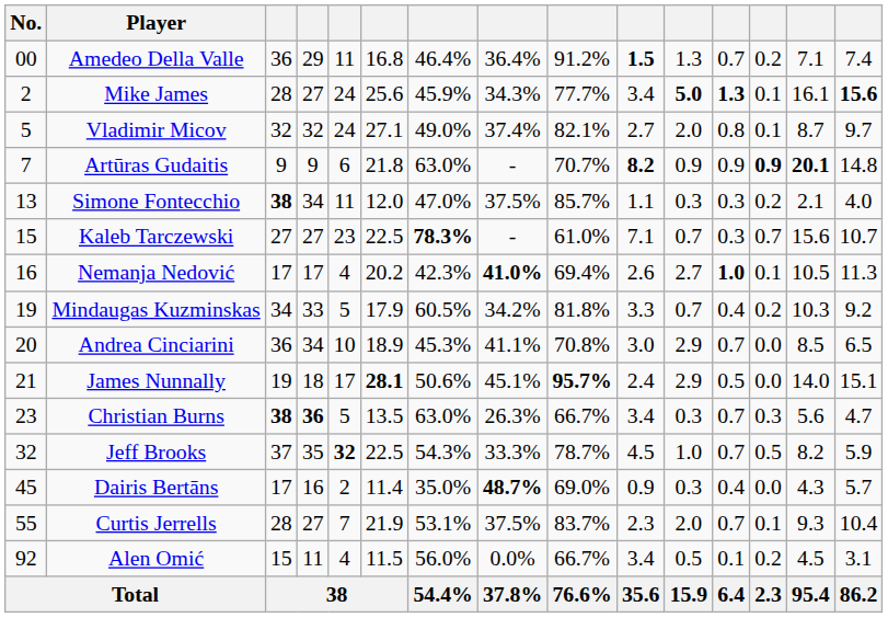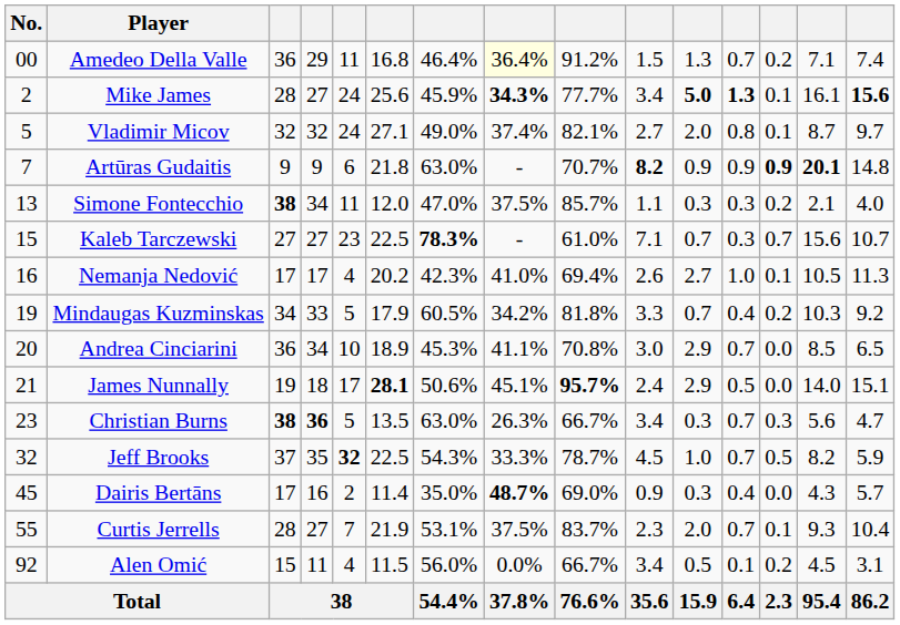 <table class="wikitable sortable" style="text-align:center; font-size:95%">
 <tr>
 <th>No.</th>
 <th>Player</th>
 <th></th>
 <th></th>
 <th></th>
 <th></th>
 <th></th>
 <th></th>
 <th></th>
 <th></th>
 <th></th>
 <th></th>
 <th></th>
 <th></th>
 <th></th>
 </tr>
 <tr>
 <td>00</td>
 <td><a href='#'>Amedeo Della Valle</a></td>
 <td>36</td>
 <td>29</td>
 <td>11</td>
 <td>16.8</td>
 <td>46.4%</td>
-<td>36.4%</td>
+<td style="background: lightyellow;">36.4%</td>
 <td>91.2%</td>
-<td><strong>1.5</strong></td>
+<td>1.5</td>
 <td>1.3</td>
 <td>0.7</td>
 <td>0.2</td>
 <td>7.1</td>
 <td>7.4</td>
 </tr>
 <tr>
 <td>2</td>
 <td><a href='#'>Mike James</a></td>
 <td>28</td>
 <td>27</td>
 <td>24</td>
 <td>25.6</td>
 <td>45.9%</td>
-<td>34.3%</td>
+<td><strong>34.3%</strong></td>
 <td>77.7%</td>
 <td>3.4</td>
 <td><strong>5.0</strong></td>
 <td><strong>1.3</strong></td>
 <td>0.1</td>
 <td>16.1</td>
 <td><strong>15.6</strong></td>
 </tr>
 <tr>
 <td>5</td>
 <td><a href='#'>Vladimir Micov</a></td>
 <td>32</td>
 <td>32</td>
 <td>24</td>
 <td>27.1</td>
 <td>49.0%</td>
 <td>37.4%</td>
 <td>82.1%</td>
 <td>2.7</td>
 <td>2.0</td>
 <td>0.8</td>
 <td>0.1</td>
 <td>8.7</td>
 <td>9.7</td>
 </tr>
 <tr>
 <td>7</td>
 <td><a href='#'>Artūras Gudaitis</a></td>
 <td>9</td>
 <td>9</td>
 <td>6</td>
 <td>21.8</td>
 <td>63.0%</td>
 <td>-</td>
 <td>70.7%</td>
 <td><strong>8.2</strong></td>
 <td>0.9</td>
 <td>0.9</td>
 <td><strong>0.9</strong></td>
 <td><strong>20.1</strong></td>
 <td>14.8</td>
 </tr>
 <tr>
 <td>13</td>
 <td><a href='#'>Simone Fontecchio</a></td>
 <td><strong>38</strong></td>
 <td>34</td>
 <td>11</td>
 <td>12.0</td>
 <td>47.0%</td>
 <td>37.5%</td>
 <td>85.7%</td>
 <td>1.1</td>
 <td>0.3</td>
 <td>0.3</td>
 <td>0.2</td>
 <td>2.1</td>
 <td>4.0</td>
 </tr>
 <tr>
 <td>15</td>
 <td><a href='#'>Kaleb Tarczewski</a></td>
 <td>27</td>
 <td>27</td>
 <td>23</td>
 <td>22.5</td>
 <td><strong>78.3%</strong></td>
 <td>-</td>
 <td>61.0%</td>
 <td>7.1</td>
 <td>0.7</td>
 <td>0.3</td>
 <td>0.7</td>
 <td>15.6</td>
 <td>10.7</td>
 </tr>
 <tr>
 <td>16</td>
 <td><a href='#'>Nemanja Nedović</a></td>
 <td>17</td>
 <td>17</td>
 <td>4</td>
 <td>20.2</td>
 <td>42.3%</td>
-<td><strong>41.0%</strong></td>
+<td>41.0%</td>
 <td>69.4%</td>
 <td>2.6</td>
 <td>2.7</td>
-<td><strong>1.0</strong></td>
+<td>1.0</td>
 <td>0.1</td>
 <td>10.5</td>
 <td>11.3</td>
 </tr>
 <tr>
 <td>19</td>
 <td><a href='#'>Mindaugas Kuzminskas</a></td>
 <td>34</td>
 <td>33</td>
 <td>5</td>
 <td>17.9</td>
 <td>60.5%</td>
 <td>34.2%</td>
 <td>81.8%</td>
 <td>3.3</td>
 <td>0.7</td>
 <td>0.4</td>
 <td>0.2</td>
 <td>10.3</td>
 <td>9.2</td>
 </tr>
 <tr>
 <td>20</td>
 <td><a href='#'>Andrea Cinciarini</a></td>
 <td>36</td>
 <td>34</td>
 <td>10</td>
 <td>18.9</td>
 <td>45.3%</td>
 <td>41.1%</td>
 <td>70.8%</td>
 <td>3.0</td>
 <td>2.9</td>
 <td>0.7</td>
 <td>0.0</td>
 <td>8.5</td>
 <td>6.5</td>
 </tr>
 <tr>
 <td>21</td>
 <td><a href='#'>James Nunnally</a></td>
 <td>19</td>
 <td>18</td>
 <td>17</td>
 <td><strong>28.1</strong></td>
 <td>50.6%</td>
 <td>45.1%</td>
 <td><strong>95.7%</strong></td>
 <td>2.4</td>
 <td>2.9</td>
 <td>0.5</td>
 <td>0.0</td>
 <td>14.0</td>
 <td>15.1</td>
 </tr>
 <tr>
 <td>23</td>
 <td><a href='#'>Christian Burns</a></td>
 <td><strong>38</strong></td>
 <td><strong>36</strong></td>
 <td>5</td>
 <td>13.5</td>
 <td>63.0%</td>
 <td>26.3%</td>
 <td>66.7%</td>
 <td>3.4</td>
 <td>0.3</td>
 <td>0.7</td>
 <td>0.3</td>
 <td>5.6</td>
 <td>4.7</td>
 </tr>
 <tr>
 <td>32</td>
 <td><a href='#'>Jeff Brooks</a></td>
 <td>37</td>
 <td>35</td>
 <td><strong>32</strong></td>
 <td>22.5</td>
 <td>54.3%</td>
 <td>33.3%</td>
 <td>78.7%</td>
 <td>4.5</td>
 <td>1.0</td>
 <td>0.7</td>
 <td>0.5</td>
 <td>8.2</td>
 <td>5.9</td>
 </tr>
 <tr>
 <td>45</td>
 <td><a href='#'>Dairis Bertāns</a></td>
 <td>17</td>
 <td>16</td>
 <td>2</td>
 <td>11.4</td>
 <td>35.0%</td>
 <td><strong>48.7%</strong></td>
 <td>69.0%</td>
 <td>0.9</td>
 <td>0.3</td>
 <td>0.4</td>
 <td>0.0</td>
 <td>4.3</td>
 <td>5.7</td>
 </tr>
 <tr>
 <td>55</td>
 <td><a href='#'>Curtis Jerrells</a></td>
 <td>28</td>
 <td>27</td>
 <td>7</td>
 <td>21.9</td>
 <td>53.1%</td>
 <td>37.5%</td>
 <td>83.7%</td>
 <td>2.3</td>
 <td>2.0</td>
 <td>0.7</td>
 <td>0.1</td>
 <td>9.3</td>
 <td>10.4</td>
 </tr>
 <tr>
 <td>92</td>
 <td><a href='#'>Alen Omić</a></td>
 <td>15</td>
 <td>11</td>
 <td>4</td>
 <td>11.5</td>
 <td>56.0%</td>
 <td>0.0%</td>
 <td>66.7%</td>
 <td>3.4</td>
 <td>0.5</td>
 <td>0.1</td>
 <td>0.2</td>
 <td>4.5</td>
 <td>3.1</td>
 </tr>
 <tr class="sortbottom">
 <th colspan=2>Total</th>
 <th colspan=4>38</th>
 <th>54.4%</th>
 <th>37.8%</th>
 <th>76.6%</th>
 <th>35.6</th>
 <th>15.9</th>
 <th>6.4</th>
 <th>2.3</th>
 <th>95.4</th>
 <th>86.2</th>
 </tr>
 </table>
